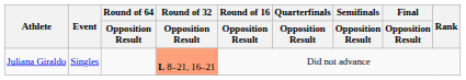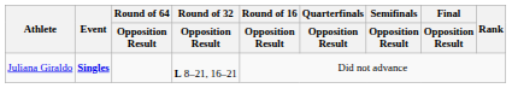 <table class="wikitable" style="font-size:90%">
 <tr>
 <th rowspan="2">Athlete</th>
 <th rowspan="2">Event</th>
 <th>Round of 64</th>
 <th>Round of 32</th>
 <th>Round of 16</th>
 <th>Quarterfinals</th>
 <th>Semifinals</th>
 <th>Final</th>
 <th rowspan="2">Rank</th>
 </tr>
 <tr>
 <th>Opposition<br>Result</th>
 <th>Opposition<br>Result</th>
 <th>Opposition<br>Result</th>
 <th>Opposition<br>Result</th>
 <th>Opposition<br>Result</th>
 <th>Opposition<br>Result</th>
 </tr>
 <tr align=center>
 <td align=left><a href='#'>Juliana Giraldo</a></td>
-<td align=left><a href='#'>Singles</a></td>
+<td align=left><strong><a href='#'>Singles</a></strong></td>
 <td></td>
-<td style="background: lightsalmon;"><br> <strong>L</strong> 8–21, 16–21</td>
+<td><br> <strong>L</strong> 8–21, 16–21</td>
 <td colspan=5>Did not advance</td>
 </tr>
 </table>
